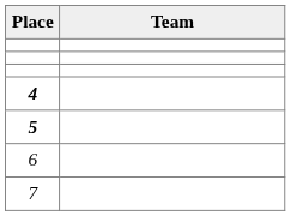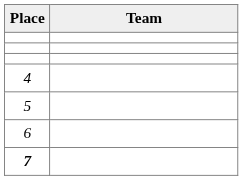 <table style=border-collapse:collapse border=1 cellspacing=0 cellpadding=5>
 <tr align=center bgcolor=#efefef>
 <th width=35>Place</th>
 <th width=185>Team</th>
 </tr>
 <tr align=center>
 <td></td>
 <td style="text-align:left;"></td>
 </tr>
 <tr align=center>
 <td></td>
 <td style="text-align:left;"></td>
 </tr>
 <tr align=center>
 <td></td>
 <td style="text-align:left;"></td>
 </tr>
 <tr align=center>
-<td><strong><em>4</em></strong></td>
+<td><em>4</em></td>
 <td style="text-align:left;"></td>
 </tr>
 <tr align=center>
-<td><strong><em>5</em></strong></td>
+<td><em>5</em></td>
 <td style="text-align:left;"></td>
 </tr>
 <tr align=center>
 <td><em>6</em></td>
 <td style="text-align:left;"></td>
 </tr>
 <tr align=center>
-<td><em>7</em></td>
+<td><strong><em>7</em></strong></td>
 <td style="text-align:left;"></td>
 </tr>
 </table>
